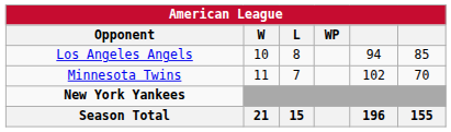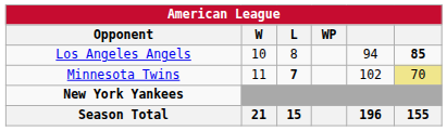 <table class="wikitable" style="margin:1em auto; font-size:95%; text-align:center; width:35em;">
 <tr>
 <th colspan="7" style="background:#c60c30; color:#ffffff;">American League</th>
 </tr>
 <tr>
 <th>Opponent</th>
 <th>W</th>
 <th>L</th>
 <th>WP</th>
 <th></th>
 <th></th>
 </tr>
 <tr>
 <td><a href='#'>Los Angeles Angels</a></td>
 <td>10</td>
 <td>8</td>
 <td></td>
 <td>94</td>
-<td>85</td>
+<td><strong>85</strong></td>
 </tr>
 <tr>
 <td><a href='#'>Minnesota Twins</a></td>
 <td>11</td>
-<td>7</td>
+<td><strong>7</strong></td>
 <td></td>
 <td>102</td>
-<td>70</td>
+<td style="background: khaki;">70</td>
 </tr>
 <tr>
 <td><strong>New York Yankees</strong></td>
 <td colspan=5 style="background:darkgray;"></td>
 </tr>
 <tr>
 <th>Season Total</th>
 <th>21</th>
 <th>15</th>
 <th></th>
 <th>196</th>
 <th>155</th>
 </tr>
 </table>
